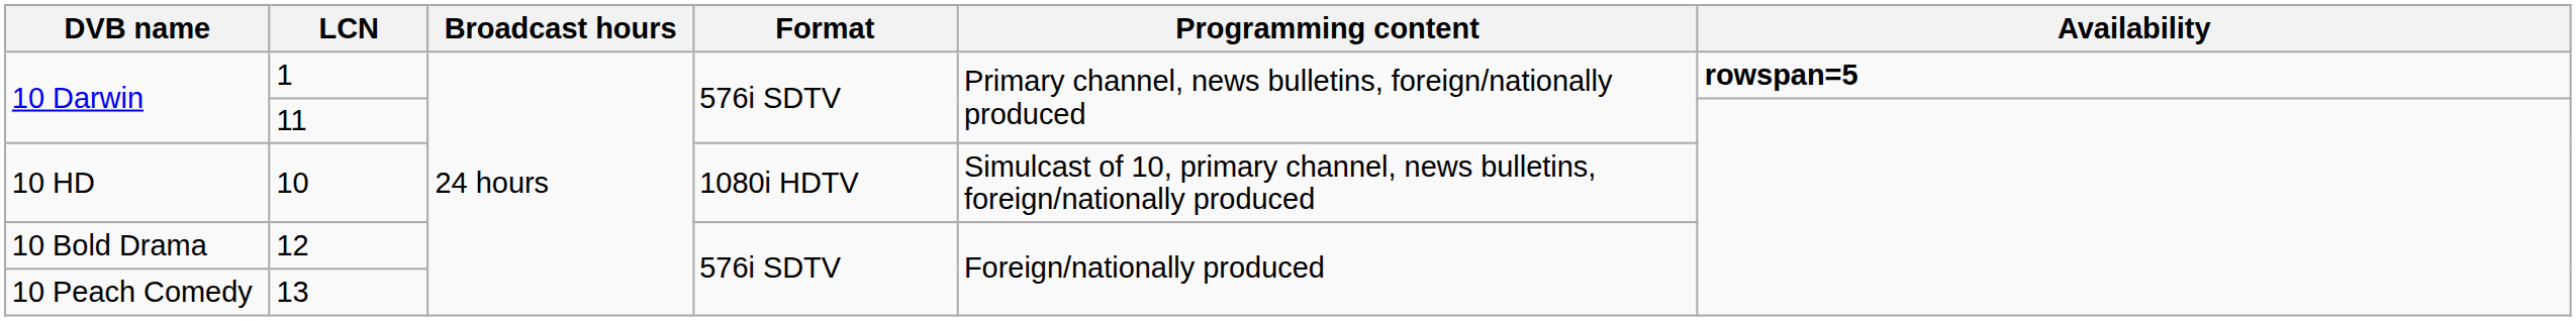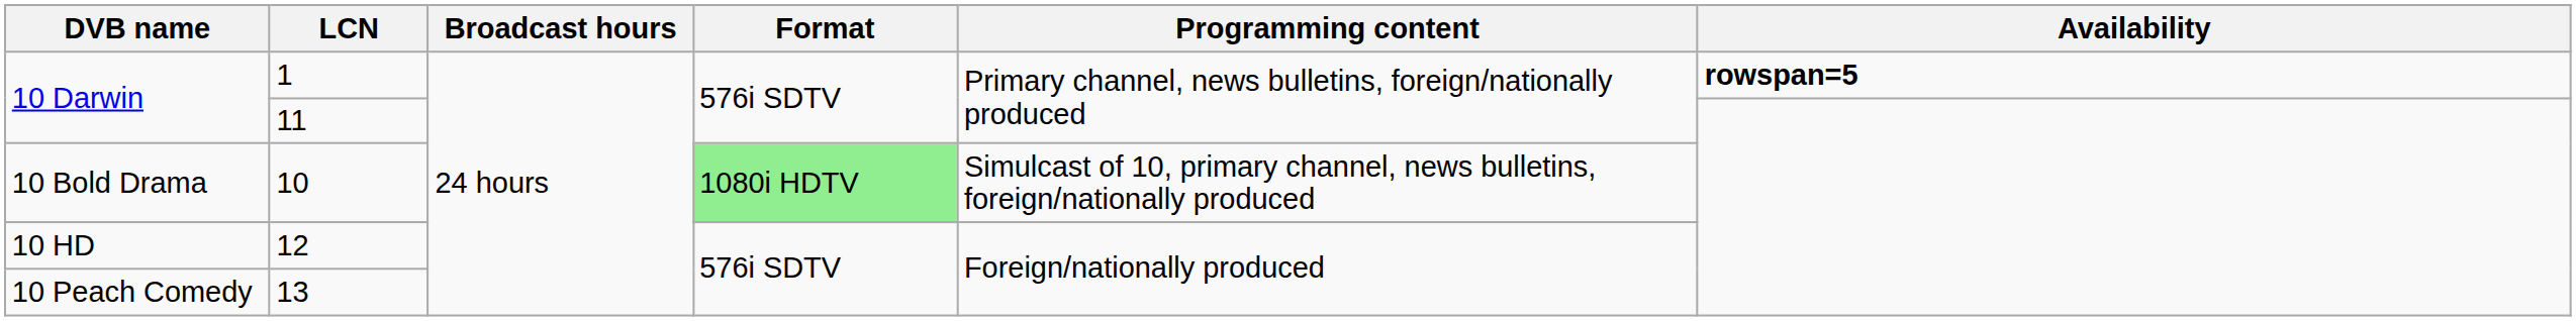 <table class="wikitable" style="font-size:90%; width:100%;">
 <tr>
 <th width="10%">DVB name</th>
 <th width="6%">LCN</th>
 <th width="10%">Broadcast hours</th>
 <th width="10%">Format</th>
 <th width="28%">Programming content</th>
 <th width="33%">Availability</th>
 </tr>
 <tr>
 <td rowspan=2><a href='#'>10 Darwin</a></td>
 <td>1</td>
 <td rowspan=5>24 hours</td>
 <td rowspan=2>576i SDTV</td>
 <td rowspan=2>Primary channel, news bulletins, foreign/nationally produced </td>
 <td><strong>rowspan=5 </strong></td>
 </tr>
 <tr>
 <td>11</td>
 </tr>
 <tr>
-<td>10 HD</td>
+<td>10 Bold Drama</td>
 <td>10</td>
-<td>1080i HDTV<br></td>
+<td style="background: lightgreen;">1080i HDTV<br></td>
 <td>Simulcast of 10, primary channel, news bulletins, foreign/nationally produced </td>
 </tr>
 <tr>
-<td>10 Bold Drama</td>
+<td>10 HD</td>
 <td>12</td>
 <td rowspan=2>576i SDTV</td>
 <td rowspan=2>Foreign/nationally produced </td>
 </tr>
 <tr>
 <td>10 Peach Comedy</td>
 <td>13</td>
 </tr>
 </table>
